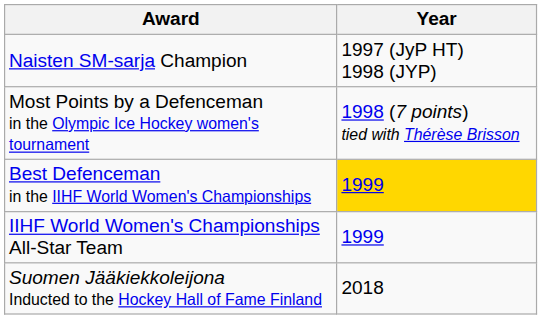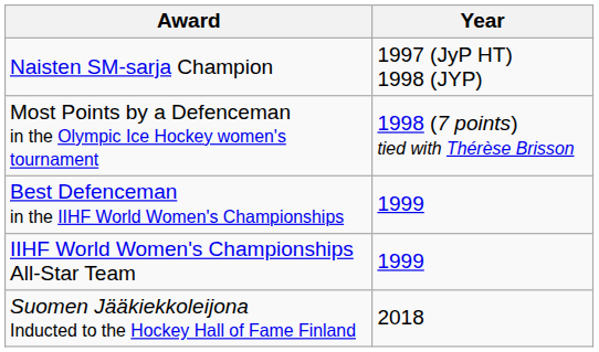 <table class="wikitable">
 <tr>
 <th scope="col" style="width:17em">Award</th>
 <th scope="col" style="width:10em">Year</th>
 </tr>
 <tr>
 <td><a href='#'>Naisten SM-sarja</a> Champion</td>
 <td>1997 (JyP HT)<br>1998 (JYP)</td>
 </tr>
 <tr>
 <td>Most Points by a Defenceman<br><small>in the <a href='#'>Olympic Ice Hockey women's tournament</a></small></td>
 <td><a href='#'>1998</a> (<em>7 points</em>)<br><em><small>tied with <a href='#'>Thérèse Brisson</a></small></em></td>
 </tr>
 <tr>
 <td><a href='#'>Best Defenceman</a><br><small>in the <a href='#'>IIHF World Women's Championships</a></small></td>
-<td style="background: gold;"><a href='#'>1999</a></td>
+<td><a href='#'>1999</a></td>
 </tr>
 <tr>
 <td><a href='#'>IIHF World Women's Championships</a> All-Star Team</td>
 <td><a href='#'>1999</a></td>
 </tr>
 <tr>
 <td><em>Suomen Jääkiekkoleijona</em><br><small>Inducted to the <a href='#'>Hockey Hall of Fame Finland</a></small></td>
 <td>2018</td>
 </tr>
 </table>
